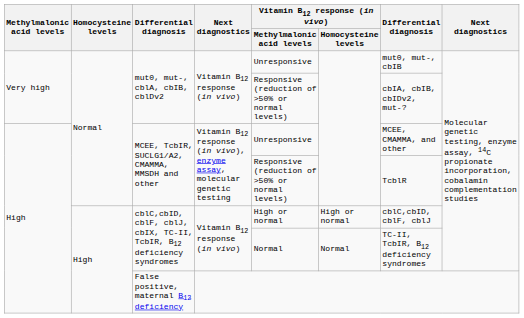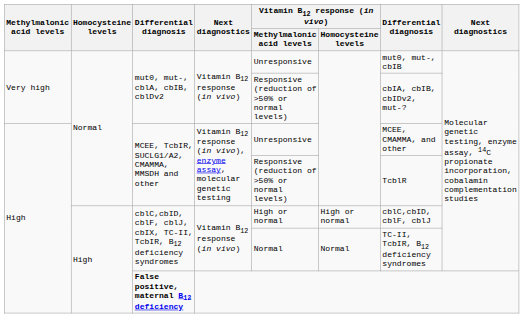 <table class="wikitable center">
 <tr>
 <th rowspan="2">Methylmalonic acid levels</th>
 <th rowspan="2">Homocysteine levels</th>
 <th rowspan="2">Differential diagnosis</th>
 <th rowspan="2">Next diagnostics</th>
 <th colspan="2">Vitamin B<sub>12</sub> response (<em>in vivo</em>)</th>
 <th rowspan="2">Differential diagnosis</th>
 <th rowspan="2">Next diagnostics</th>
 </tr>
 <tr>
 <th>Methylmalonic acid levels</th>
 <th>Homocysteine levels</th>
 </tr>
 <tr>
 <td rowspan="2">Very high</td>
 <td rowspan="4">Normal</td>
 <td rowspan="2">mut0, mut-, cblA, cbIB,<br>cblDv2</td>
 <td rowspan="2">Vitamin B<sub>12</sub> response (<em>in vivo</em>)</td>
 <td>Unresponsive</td>
 <td rowspan="4"></td>
 <td>mut0, mut-, cbIB</td>
 <td rowspan="6">Molecular genetic testing, enzyme assay, <sup>14</sup>C propionate incorporation, cobalamin complementation studies</td>
 </tr>
 <tr>
 <td>Responsive (reduction of >50% or normal levels)</td>
 <td>cbIA, cbIB, cbIDv2, mut-?</td>
 </tr>
 <tr>
 <td rowspan="5">High</td>
 <td rowspan="2">MCEE, TcbIR, SUCLG1/A2, CMAMMA, MMSDH and other</td>
 <td rowspan="2">Vitamin B<sub>12</sub> response (<em>in vivo</em>), <a href='#'>enzyme assay</a>, molecular genetic testing</td>
 <td>Unresponsive</td>
 <td>MCEE, CMAMMA, and other</td>
 </tr>
 <tr>
 <td>Responsive (reduction of >50% or normal levels)</td>
 <td>TcblR</td>
 </tr>
 <tr>
 <td rowspan="3">High</td>
 <td rowspan="2">cblC,cbID, cblF, cblJ, cbIX, TC-II, TcbIR, B<sub>12</sub> deficiency syndromes</td>
 <td rowspan="2">Vitamin B<sub>12</sub> response (<em>in vivo</em>)</td>
 <td>High or normal</td>
 <td>High or normal</td>
 <td>cblC,cbID, cblF, cblJ</td>
 </tr>
 <tr>
 <td>Normal</td>
 <td>Normal</td>
 <td>TC-II, TcbIR, B<sub>12</sub> deficiency syndromes</td>
 </tr>
 <tr>
-<td>False positive, maternal <a href='#'>B<sub>12</sub> deficiency</a></td>
+<td><strong>False positive, maternal <a href='#'>B<sub>12</sub> deficiency</a></strong></td>
 <td colspan="5"></td>
 </tr>
 </table>
